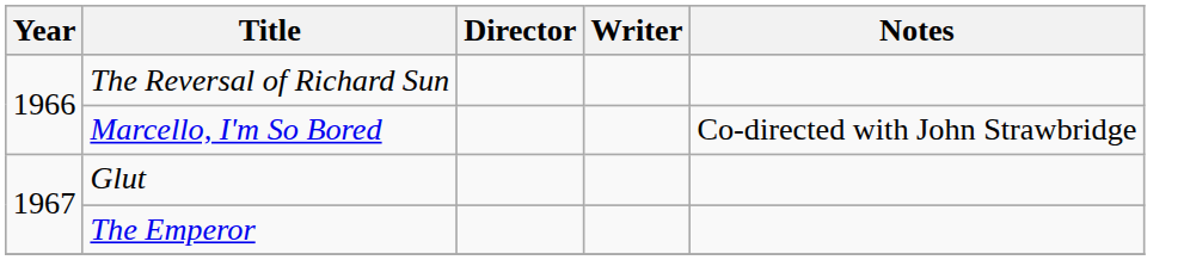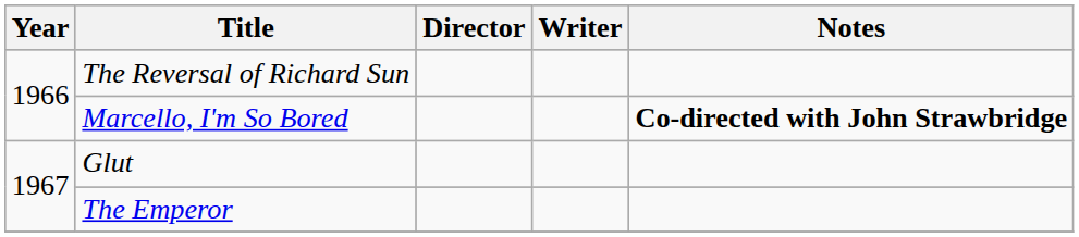 <table class="wikitable">
 <tr>
 <th>Year</th>
 <th>Title</th>
 <th>Director</th>
 <th>Writer</th>
 <th>Notes</th>
 </tr>
 <tr>
 <td rowspan="2">1966</td>
 <td><em>The Reversal of Richard Sun</em></td>
 <td></td>
 <td></td>
 <td></td>
 </tr>
 <tr>
 <td><em><a href='#'>Marcello, I'm So Bored</a></em></td>
 <td></td>
 <td></td>
-<td>Co-directed with John Strawbridge</td>
+<td><strong>Co-directed with John Strawbridge</strong></td>
 </tr>
 <tr>
 <td rowspan="2">1967</td>
 <td><em>Glut</em></td>
 <td></td>
 <td></td>
 <td></td>
 </tr>
 <tr>
 <td><em><a href='#'>The Emperor</a></em></td>
 <td></td>
 <td></td>
 <td></td>
 </tr>
 <tr>
 </tr>
 </table>
